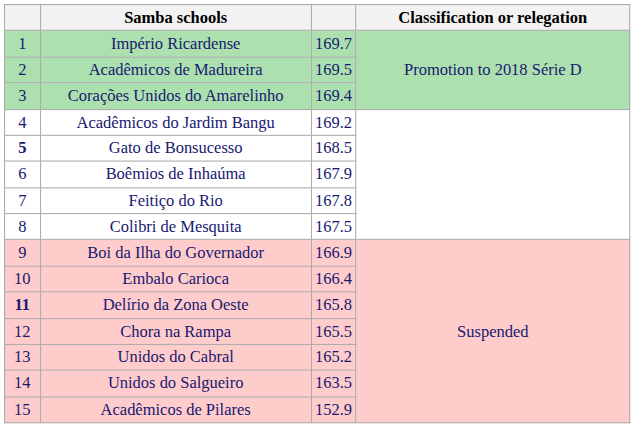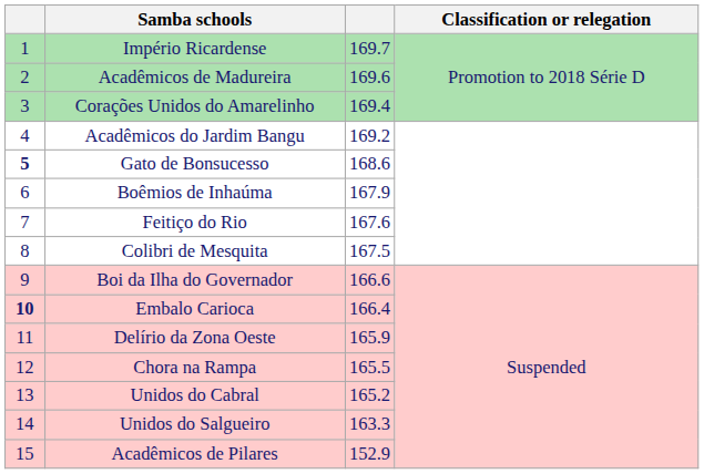 <table class="wikitable">
 <tr>
 <th width="30"></th>
 <th width="300">Samba schools</th>
 <th width="20"></th>
 <th width="300">Classification or relegation</th>
 </tr>
 <tr style="background-color:#ACE1AF; color:midnightblue">
 <td align="center">1</td>
 <td align="center">Império Ricardense</td>
 <td align="center">169.7</td>
 <td rowspan="3"   align="center">Promotion to 2018 Série D </td>
 </tr>
 <tr style="background-color:#ACE1AF; color:midnightblue">
 <td align="center">2</td>
 <td align="center">Acadêmicos de Madureira</td>
-<td align="center">169.5</td>
+<td align="center">169.6</td>
 </tr>
 <tr style="background-color:#ACE1AF; color:midnightblue">
 <td align="center">3</td>
 <td align="center">Corações Unidos do Amarelinho</td>
 <td align="center">169.4</td>
 </tr>
 <tr style="background-color:white; color:midnightblue">
 <td align="center">4</td>
 <td align="center">Acadêmicos do Jardim Bangu</td>
 <td align="center">169.2</td>
 <td rowspan="5"></td>
 </tr>
 <tr style="background-color:white; color:midnightblue">
 <td align="center"><strong>5</strong></td>
 <td align="center">Gato de Bonsucesso</td>
-<td align="center">168.5</td>
+<td align="center">168.6</td>
 </tr>
 <tr style="background-color:white; color:midnightblue">
 <td align="center">6</td>
 <td align="center">Boêmios de Inhaúma</td>
 <td align="center">167.9</td>
 </tr>
 <tr style="background-color:white; color:midnightblue">
 <td align="center">7</td>
 <td align="center">Feitiço do Rio</td>
-<td align="center">167.8</td>
+<td align="center">167.6</td>
 </tr>
 <tr style="background-color:white; color:midnightblue">
 <td align="center">8</td>
 <td align="center">Colibri de Mesquita</td>
 <td align="center">167.5</td>
 </tr>
 <tr style="background-color:#FFCCCC; color:midnightblue">
 <td align="center">9</td>
 <td align="center">Boi da Ilha do Governador</td>
-<td align="center">166.9</td>
+<td align="center">166.6</td>
 <td rowspan="11"  align="center">Suspended</td>
 </tr>
 <tr style="background-color:#FFCCCC; color:midnightblue; text:align=center">
-<td align="center">10</td>
+<td align="center"><strong>10</strong></td>
 <td align="center">Embalo Carioca</td>
 <td align="center">166.4</td>
 </tr>
 <tr style="background-color:#FFCCCC; color:midnightblue">
-<td align="center"><strong>11</strong></td>
+<td align="center">11</td>
 <td align="center">Delírio da Zona Oeste</td>
-<td align="center">165.8</td>
+<td align="center">165.9</td>
 </tr>
 <tr style="background-color:#FFCCCC; color:midnightblue">
 <td align="center">12</td>
 <td align="center">Chora na Rampa</td>
 <td align="center">165.5</td>
 </tr>
 <tr style="background-color:#FFCCCC; color:midnightblue">
 <td align="center">13</td>
 <td align="center">Unidos do Cabral</td>
 <td align="center">165.2</td>
 </tr>
 <tr style="background-color:#FFCCCC; color:midnightblue">
 <td align="center">14</td>
 <td align="center">Unidos do Salgueiro</td>
-<td align="center">163.5</td>
+<td align="center">163.3</td>
 </tr>
 <tr style="background-color:#FFCCCC; color:midnightblue">
 <td align="center">15</td>
 <td align="center">Acadêmicos de Pilares</td>
 <td align="center">152.9</td>
 </tr>
 </table>
